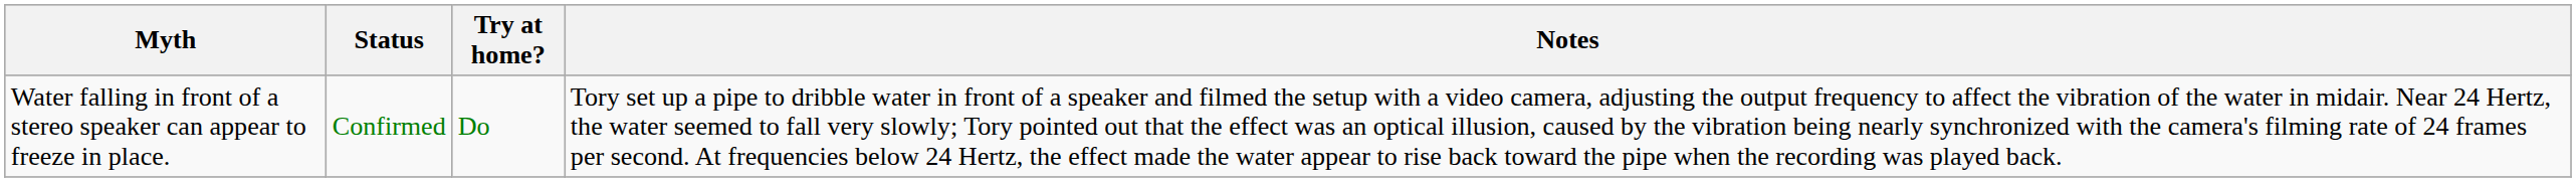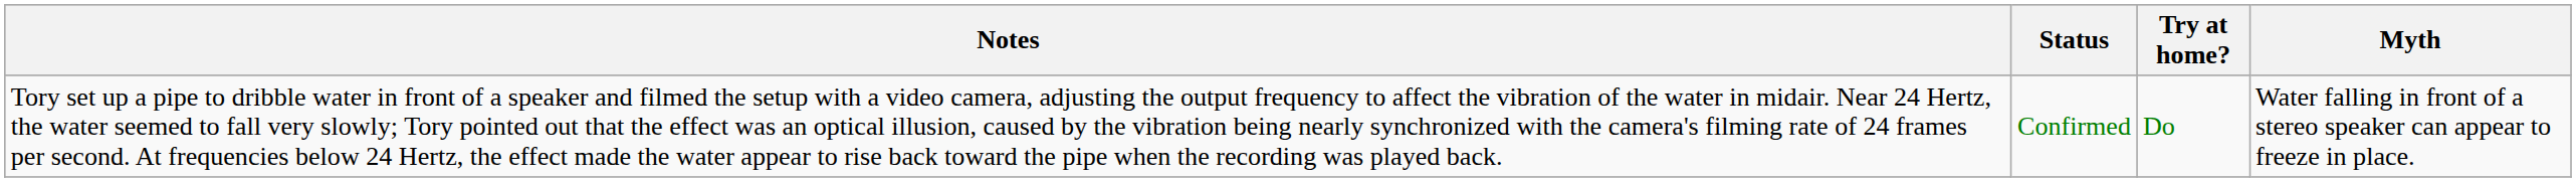 <table class="wikitable plainrowheaders">
 <tr>
-<th scope"col">Myth</th>
+<th scope"col">Notes</th>
 <th scope"col">Status</th>
 <th scope"col">Try at home?</th>
-<th scope"col">Notes</th>
+<th scope"col">Myth</th>
 </tr>
 <tr>
-<td scope"row">Water falling in front of a stereo speaker can appear to freeze in place.</td>
+<td>Tory set up a pipe to dribble water in front of a speaker and filmed the setup with a video camera, adjusting the output frequency to affect the vibration of the water in midair. Near 24 Hertz, the water seemed to fall very slowly; Tory pointed out that the effect was an optical illusion, caused by the vibration being nearly synchronized with the camera's filming rate of 24 frames per second. At frequencies below 24 Hertz, the effect made the water appear to rise back toward the pipe when the recording was played back.</td>
 <td style="color:green">Confirmed</td>
 <td style="color:green">Do</td>
-<td>Tory set up a pipe to dribble water in front of a speaker and filmed the setup with a video camera, adjusting the output frequency to affect the vibration of the water in midair. Near 24 Hertz, the water seemed to fall very slowly; Tory pointed out that the effect was an optical illusion, caused by the vibration being nearly synchronized with the camera's filming rate of 24 frames per second. At frequencies below 24 Hertz, the effect made the water appear to rise back toward the pipe when the recording was played back.</td>
+<td scope"row">Water falling in front of a stereo speaker can appear to freeze in place.</td>
 </tr>
 </table>
